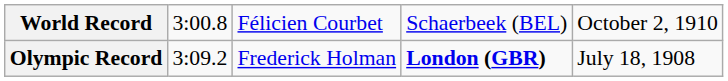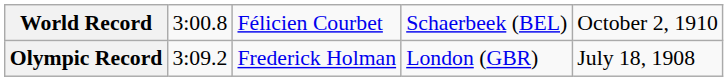 <table class="wikitable" style="font-size:95%;">
 <tr>
 <th>World Record</th>
 <td>3:00.8</td>
 <td> <a href='#'>Félicien Courbet</a></td>
 <td><a href='#'>Schaerbeek</a> (<a href='#'>BEL</a>)</td>
 <td>October 2, 1910</td>
 </tr>
 <tr>
 <th>Olympic Record</th>
 <td>3:09.2</td>
 <td> <a href='#'>Frederick Holman</a></td>
-<td><strong><a href='#'>London</a> (<a href='#'>GBR</a>)</strong></td>
+<td><a href='#'>London</a> (<a href='#'>GBR</a>)</td>
 <td>July 18, 1908</td>
 </tr>
 </table>
